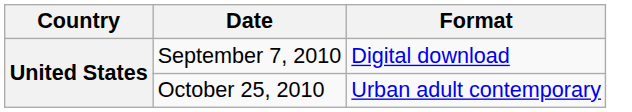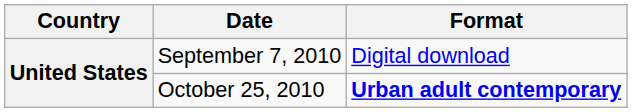 <table class="wikitable plainrowheaders">
 <tr>
 <th scope="col">Country</th>
 <th scope="col">Date</th>
 <th scope="col">Format</th>
 </tr>
 <tr>
 <th scope="row" rowspan="2">United States</th>
 <td>September 7, 2010</td>
 <td><a href='#'>Digital download</a></td>
 </tr>
 <tr>
 <td>October 25, 2010</td>
-<td><a href='#'>Urban adult contemporary</a></td>
+<td><strong><a href='#'>Urban adult contemporary</a></strong></td>
 </tr>
 </table>
